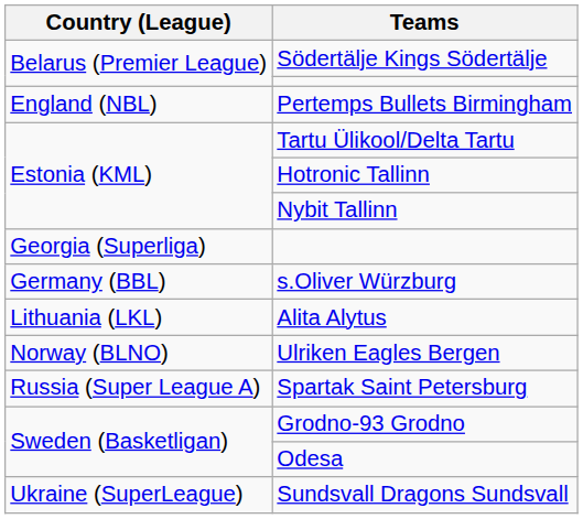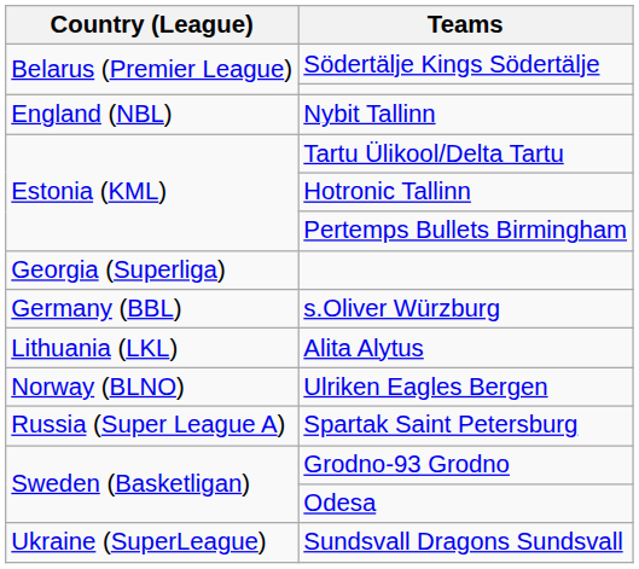 <table class=wikitable style="text-align:left">
 <tr>
 <th>Country (League)</th>
 <th>Teams</th>
 </tr>
 <tr>
 <td rowspan=2> <a href='#'>Belarus</a> (<a href='#'>Premier League</a>)</td>
 <td><a href='#'>Södertälje Kings Södertälje</a></td>
 </tr>
 <tr>
 <td></td>
 </tr>
 <tr>
 <td> <a href='#'>England</a> (<a href='#'>NBL</a>)</td>
-<td><a href='#'>Pertemps Bullets Birmingham</a></td>
+<td><a href='#'>Nybit Tallinn</a></td>
 </tr>
 <tr>
 <td rowspan=3> <a href='#'>Estonia</a> (<a href='#'>KML</a>)</td>
 <td><a href='#'>Tartu Ülikool/Delta Tartu</a></td>
 </tr>
 <tr>
 <td><a href='#'>Hotronic Tallinn</a></td>
 </tr>
 <tr>
-<td><a href='#'>Nybit Tallinn</a></td>
+<td><a href='#'>Pertemps Bullets Birmingham</a></td>
 </tr>
 <tr>
 <td> <a href='#'>Georgia</a> (<a href='#'>Superliga</a>)</td>
 <td></td>
 </tr>
 <tr>
 <td> <a href='#'>Germany</a> (<a href='#'>BBL</a>)</td>
 <td><a href='#'>s.Oliver Würzburg</a></td>
 </tr>
 <tr>
 <td> <a href='#'>Lithuania</a> (<a href='#'>LKL</a>)</td>
 <td><a href='#'>Alita Alytus</a></td>
 </tr>
 <tr>
 <td> <a href='#'>Norway</a> (<a href='#'>BLNO</a>)</td>
 <td><a href='#'>Ulriken Eagles Bergen</a></td>
 </tr>
 <tr>
 <td> <a href='#'>Russia</a> (<a href='#'>Super League A</a>)</td>
 <td><a href='#'>Spartak Saint Petersburg</a></td>
 </tr>
 <tr>
 <td rowspan=2> <a href='#'>Sweden</a> (<a href='#'>Basketligan</a>)</td>
 <td><a href='#'>Grodno-93 Grodno</a></td>
 </tr>
 <tr>
 <td><a href='#'>Odesa</a></td>
 </tr>
 <tr>
 <td> <a href='#'>Ukraine</a> (<a href='#'>SuperLeague</a>)</td>
 <td><a href='#'>Sundsvall Dragons Sundsvall</a></td>
 </tr>
 </table>
